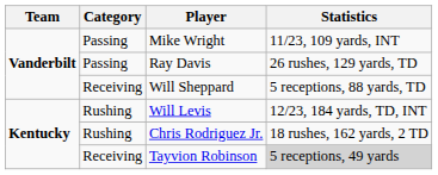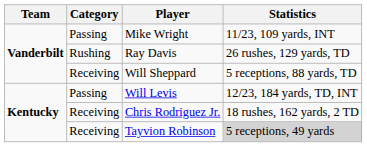 <table class="wikitable" style="float: left;">
 <tr>
 <th>Team</th>
 <th>Category</th>
 <th>Player</th>
 <th>Statistics</th>
 </tr>
 <tr>
 <td rowspan=3><strong>Vanderbilt</strong></td>
 <td>Passing</td>
 <td>Mike Wright</td>
 <td>11/23, 109 yards, INT</td>
 </tr>
 <tr>
-<td>Passing</td>
+<td>Rushing</td>
 <td>Ray Davis</td>
 <td>26 rushes, 129 yards, TD</td>
 </tr>
 <tr>
 <td>Receiving</td>
 <td>Will Sheppard</td>
 <td>5 receptions, 88 yards, TD</td>
 </tr>
 <tr>
 <td rowspan=3><strong>Kentucky</strong></td>
-<td>Rushing</td>
+<td>Passing</td>
 <td><a href='#'>Will Levis</a></td>
 <td>12/23, 184 yards, TD, INT</td>
 </tr>
 <tr>
-<td>Rushing</td>
+<td>Receiving</td>
 <td><a href='#'>Chris Rodriguez Jr.</a></td>
 <td>18 rushes, 162 yards, 2 TD</td>
 </tr>
 <tr>
 <td>Receiving</td>
 <td><a href='#'>Tayvion Robinson</a></td>
 <td style="background: lightgrey;">5 receptions, 49 yards</td>
 </tr>
 </table>
